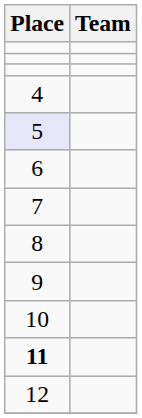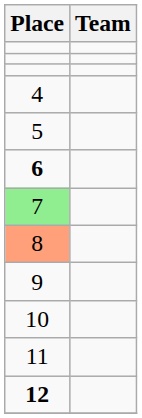 <table class="wikitable" style="text-align:center; padding-bottom:0;">
 <tr>
 <th>Place</th>
 <th style="text-align:left;">Team</th>
 </tr>
 <tr>
 <td></td>
 <td align=left></td>
 </tr>
 <tr>
 <td></td>
 <td align=left></td>
 </tr>
 <tr>
 <td></td>
 <td align=left></td>
 </tr>
 <tr>
 <td>4</td>
 <td align=left></td>
 </tr>
 <tr>
-<td style="background: lavender;">5</td>
+<td>5</td>
 <td align=left></td>
 </tr>
 <tr>
-<td>6</td>
+<td><strong>6</strong></td>
 <td align=left></td>
 </tr>
 <tr>
-<td>7</td>
+<td style="background: lightgreen;">7</td>
 <td align=left></td>
 </tr>
 <tr>
-<td>8</td>
+<td style="background: lightsalmon;">8</td>
 <td align=left></td>
 </tr>
 <tr>
 <td>9</td>
 <td align=left></td>
 </tr>
 <tr>
 <td>10</td>
 <td align=left></td>
 </tr>
 <tr>
-<td><strong>11</strong></td>
+<td>11</td>
 <td align=left></td>
 </tr>
 <tr>
-<td>12</td>
+<td><strong>12</strong></td>
 <td align=left></td>
 </tr>
 <tr>
 </tr>
 </table>
